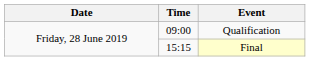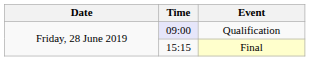 <table class = "wikitable" style="text-align:center;">
 <tr>
 <th width=220>Date</th>
 <th width=50>Time</th>
 <th width=150>Event</th>
 </tr>
 <tr>
 <td rowspan=2>Friday, 28 June 2019</td>
-<td>09:00</td>
+<td style="background: lavender;">09:00</td>
 <td>Qualification</td>
 </tr>
 <tr>
 <td>15:15</td>
 <td bgcolor=ffffcc>Final</td>
 </tr>
 </table>
